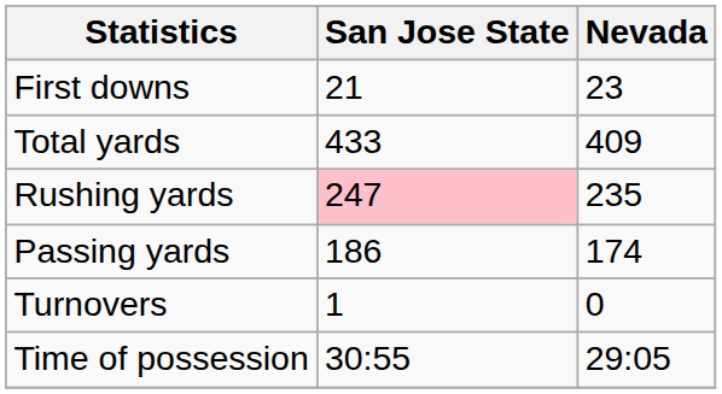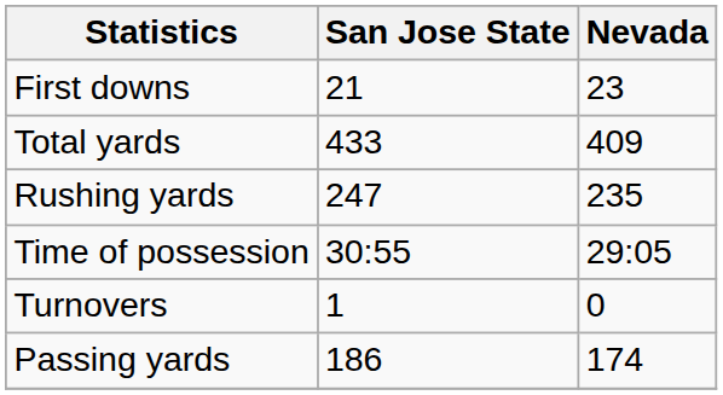 <table class="wikitable">
 <tr>
 <th>Statistics</th>
 <th>San Jose State</th>
 <th>Nevada</th>
 </tr>
 <tr>
 <td>First downs</td>
 <td>21</td>
 <td>23</td>
 </tr>
 <tr>
 <td>Total yards</td>
 <td>433</td>
 <td>409</td>
 </tr>
 <tr>
 <td>Rushing yards</td>
-<td style="background: pink;">247</td>
+<td>247</td>
 <td>235</td>
+</tr>
+<tr>
+<td>Time of possession</td>
+<td>30:55</td>
+<td>29:05</td>
+</tr>
+<tr>
+<td>Turnovers</td>
+<td>1</td>
+<td>0</td>
 </tr>
 <tr>
 <td>Passing yards</td>
 <td>186</td>
 <td>174</td>
 </tr>
 <tr>
-<td>Turnovers</td>
-<td>1</td>
-<td>0</td>
-</tr>
-<tr>
-<td>Time of possession</td>
-<td>30:55</td>
-<td>29:05</td>
-</tr>
-<tr>
 </tr>
 </table>
